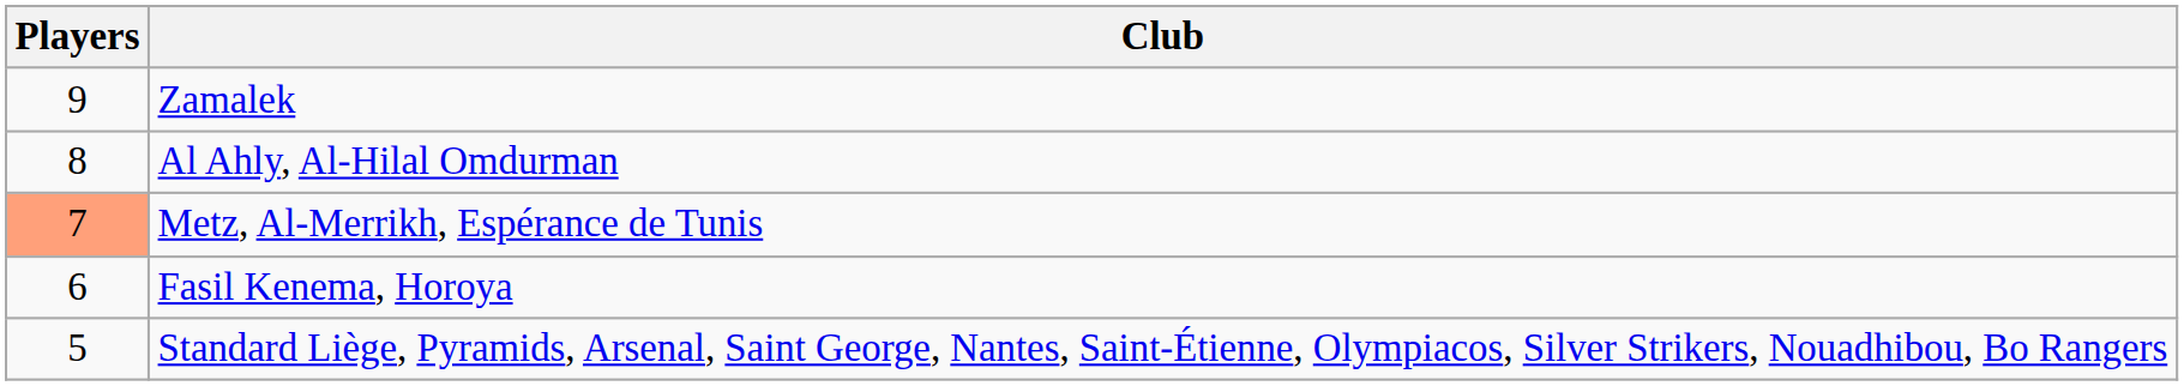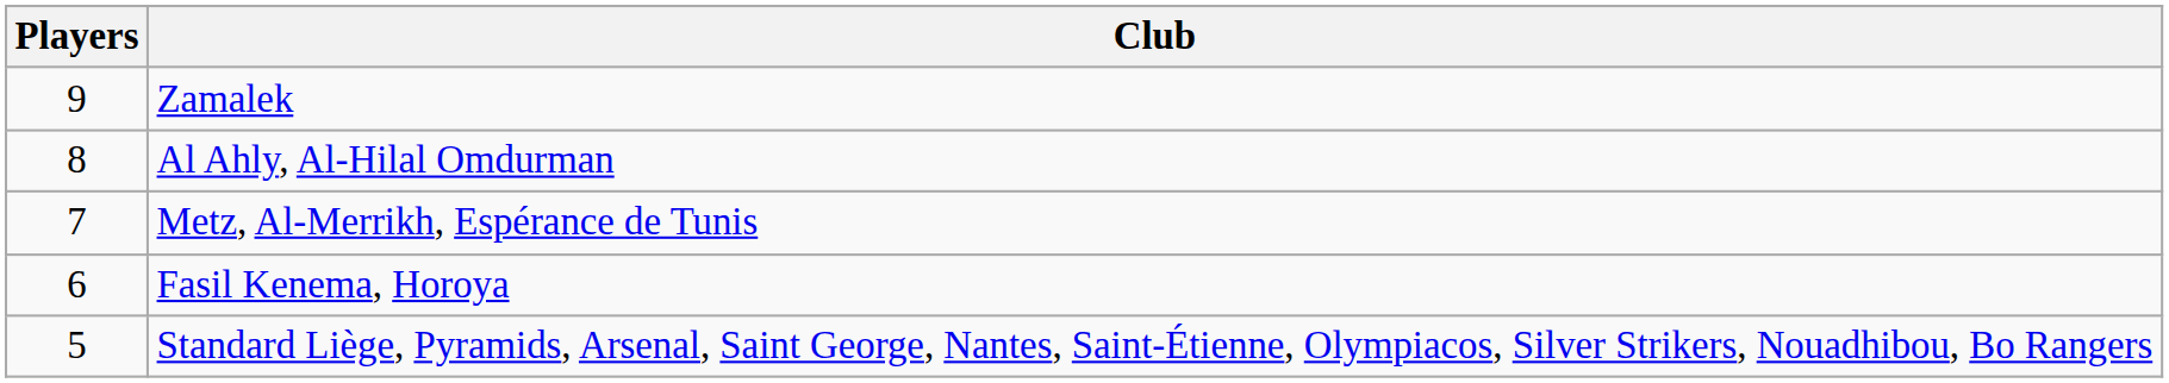 <table class="wikitable sortable">
 <tr>
 <th>Players</th>
 <th>Club</th>
 </tr>
 <tr>
 <td align="center">9</td>
 <td> <a href='#'>Zamalek</a></td>
 </tr>
 <tr>
 <td align="center">8</td>
 <td> <a href='#'>Al Ahly</a>,  <a href='#'>Al-Hilal Omdurman</a></td>
 </tr>
 <tr>
-<td align="center" style="background: lightsalmon;">7</td>
+<td align="center">7</td>
 <td> <a href='#'>Metz</a>,  <a href='#'>Al-Merrikh</a>,  <a href='#'>Espérance de Tunis</a></td>
 </tr>
 <tr>
 <td align="center">6</td>
 <td> <a href='#'>Fasil Kenema</a>,  <a href='#'>Horoya</a></td>
 </tr>
 <tr>
 <td align="center">5</td>
 <td> <a href='#'>Standard Liège</a>,  <a href='#'>Pyramids</a>,  <a href='#'>Arsenal</a>,  <a href='#'>Saint George</a>,  <a href='#'>Nantes</a>,  <a href='#'>Saint-Étienne</a>,  <a href='#'>Olympiacos</a>,  <a href='#'>Silver Strikers</a>,  <a href='#'>Nouadhibou</a>,  <a href='#'>Bo Rangers</a></td>
 </tr>
 </table>
